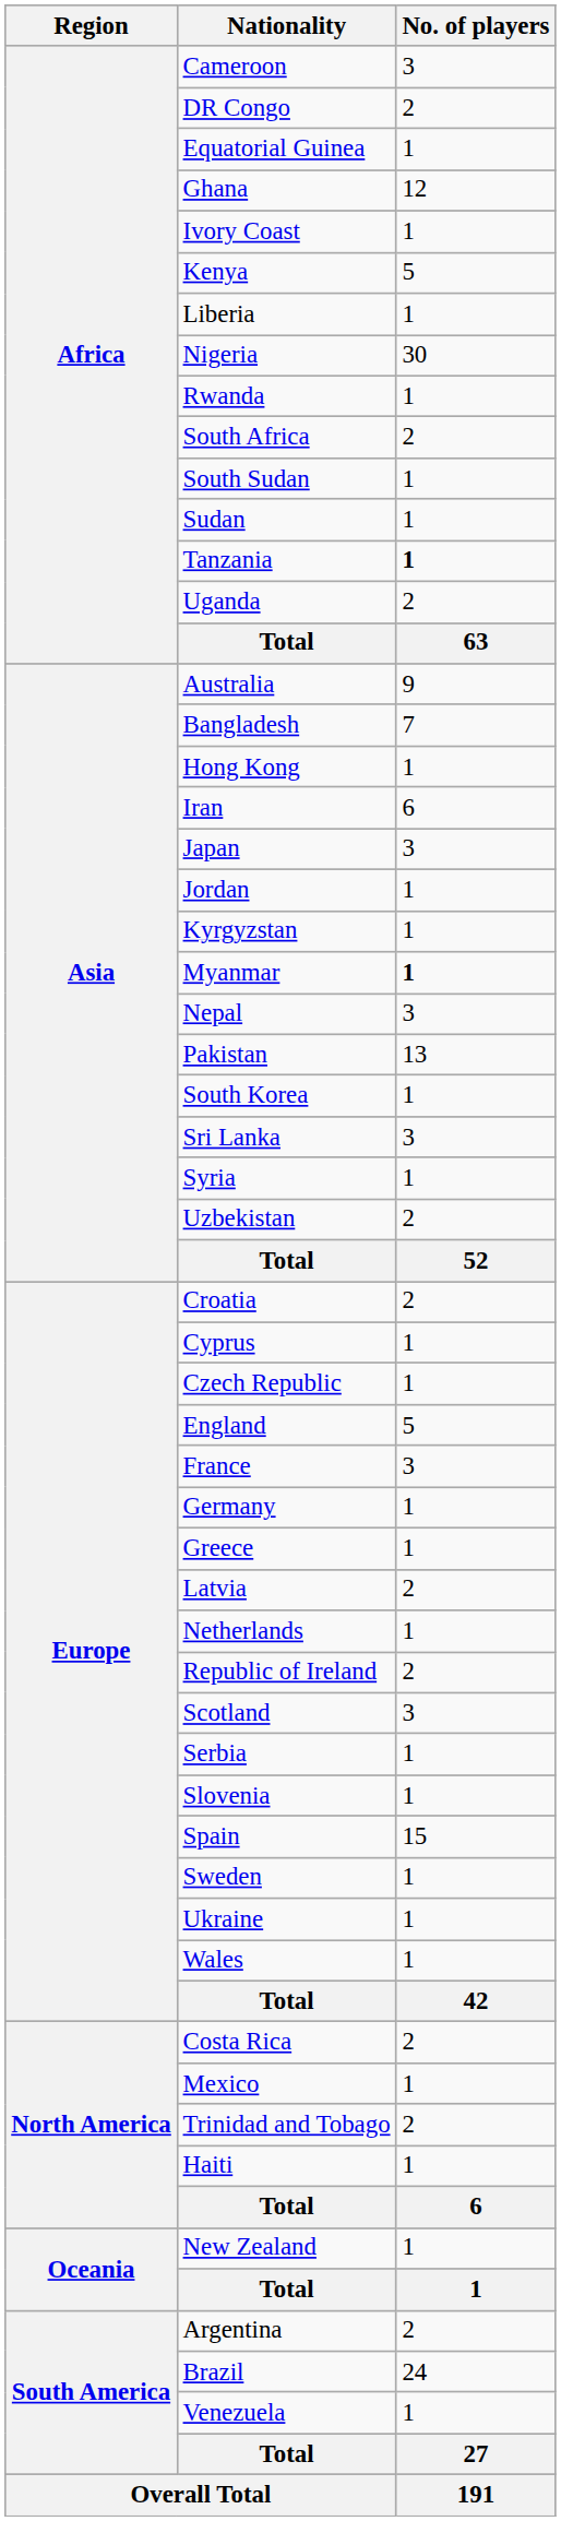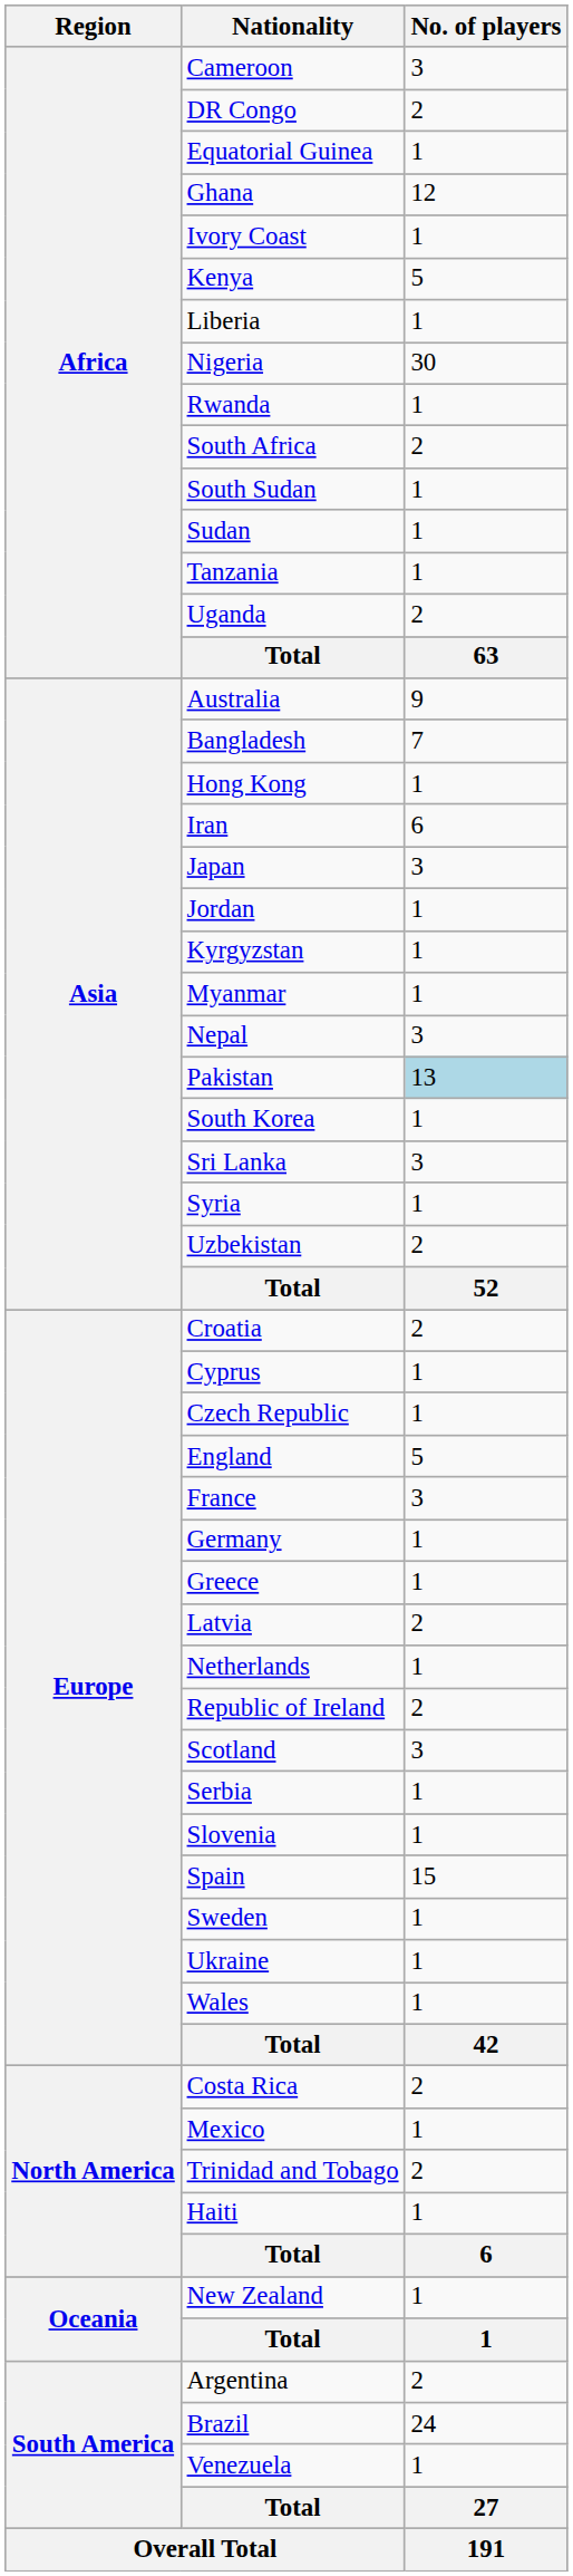 <table class="wikitable" style="font-size:85%">
 <tr>
 <th>Region</th>
 <th>Nationality</th>
 <th>No. of players</th>
 </tr>
 <tr>
 <th rowspan=15><a href='#'>Africa</a></th>
 <td> <a href='#'>Cameroon</a></td>
 <td>3</td>
 </tr>
 <tr>
 <td> <a href='#'>DR Congo</a></td>
 <td>2</td>
 </tr>
 <tr>
 <td> <a href='#'>Equatorial Guinea</a></td>
 <td>1</td>
 </tr>
 <tr>
 <td> <a href='#'>Ghana</a></td>
 <td>12</td>
 </tr>
 <tr>
 <td> <a href='#'>Ivory Coast</a></td>
 <td>1</td>
 </tr>
 <tr>
 <td> <a href='#'>Kenya</a></td>
 <td>5</td>
 </tr>
 <tr>
 <td> Liberia</td>
 <td>1</td>
 </tr>
 <tr>
 <td> <a href='#'>Nigeria</a></td>
 <td>30</td>
 </tr>
 <tr>
 <td> <a href='#'>Rwanda</a></td>
 <td>1</td>
 </tr>
 <tr>
 <td> <a href='#'>South Africa</a></td>
 <td>2</td>
 </tr>
 <tr>
 <td> <a href='#'>South Sudan</a></td>
 <td>1</td>
 </tr>
 <tr>
 <td> <a href='#'>Sudan</a></td>
 <td>1</td>
 </tr>
 <tr>
 <td> <a href='#'>Tanzania</a></td>
-<td><strong>1</strong></td>
+<td>1</td>
 </tr>
 <tr>
 <td> <a href='#'>Uganda</a></td>
 <td>2</td>
 </tr>
 <tr>
 <th>Total</th>
 <th>63</th>
 </tr>
 <tr>
 <th rowspan=15><a href='#'>Asia</a></th>
 <td> <a href='#'>Australia</a></td>
 <td>9</td>
 </tr>
 <tr>
 <td> <a href='#'>Bangladesh</a></td>
 <td>7</td>
 </tr>
 <tr>
 <td> <a href='#'>Hong Kong</a></td>
 <td>1</td>
 </tr>
 <tr>
 <td> <a href='#'>Iran</a></td>
 <td>6</td>
 </tr>
 <tr>
 <td> <a href='#'>Japan</a></td>
 <td>3</td>
 </tr>
 <tr>
 <td> <a href='#'>Jordan</a></td>
 <td>1</td>
 </tr>
 <tr>
 <td> <a href='#'>Kyrgyzstan</a></td>
 <td>1</td>
 </tr>
 <tr>
 <td> <a href='#'>Myanmar</a></td>
-<td><strong>1</strong></td>
+<td>1</td>
 </tr>
 <tr>
 <td> <a href='#'>Nepal</a></td>
 <td>3</td>
 </tr>
 <tr>
 <td> <a href='#'>Pakistan</a></td>
-<td>13</td>
+<td style="background: lightblue;">13</td>
 </tr>
 <tr>
 <td> <a href='#'>South Korea</a></td>
 <td>1</td>
 </tr>
 <tr>
 <td> <a href='#'>Sri Lanka</a></td>
 <td>3</td>
 </tr>
 <tr>
 <td> <a href='#'>Syria</a></td>
 <td>1</td>
 </tr>
 <tr>
 <td> <a href='#'>Uzbekistan</a></td>
 <td>2</td>
 </tr>
 <tr>
 <th>Total</th>
 <th>52</th>
 </tr>
 <tr>
 <th rowspan=18><a href='#'>Europe</a></th>
 <td> <a href='#'>Croatia</a></td>
 <td>2</td>
 </tr>
 <tr>
 <td> <a href='#'>Cyprus</a></td>
 <td>1</td>
 </tr>
 <tr>
 <td> <a href='#'>Czech Republic</a></td>
 <td>1</td>
 </tr>
 <tr>
 <td> <a href='#'>England</a></td>
 <td>5</td>
 </tr>
 <tr>
 <td> <a href='#'>France</a></td>
 <td>3</td>
 </tr>
 <tr>
 <td> <a href='#'>Germany</a></td>
 <td>1</td>
 </tr>
 <tr>
 <td> <a href='#'>Greece</a></td>
 <td>1</td>
 </tr>
 <tr>
 <td> <a href='#'>Latvia</a></td>
 <td>2</td>
 </tr>
 <tr>
 <td> <a href='#'>Netherlands</a></td>
 <td>1</td>
 </tr>
 <tr>
 <td> <a href='#'>Republic of Ireland</a></td>
 <td>2</td>
 </tr>
 <tr>
 <td> <a href='#'>Scotland</a></td>
 <td>3</td>
 </tr>
 <tr>
 <td> <a href='#'>Serbia</a></td>
 <td>1</td>
 </tr>
 <tr>
 <td> <a href='#'>Slovenia</a></td>
 <td>1</td>
 </tr>
 <tr>
 <td> <a href='#'>Spain</a></td>
 <td>15</td>
 </tr>
 <tr>
 <td> <a href='#'>Sweden</a></td>
 <td>1</td>
 </tr>
 <tr>
 <td> <a href='#'>Ukraine</a></td>
 <td>1</td>
 </tr>
 <tr>
 <td> <a href='#'>Wales</a></td>
 <td>1</td>
 </tr>
 <tr>
 <th>Total</th>
 <th>42</th>
 </tr>
 <tr>
 <th rowspan=5><a href='#'>North America</a></th>
 <td> <a href='#'>Costa Rica</a></td>
 <td>2</td>
 </tr>
 <tr>
 <td> <a href='#'>Mexico</a></td>
 <td>1</td>
 </tr>
 <tr>
 <td> <a href='#'>Trinidad and Tobago</a></td>
 <td>2</td>
 </tr>
 <tr>
 <td> <a href='#'>Haiti</a></td>
 <td>1</td>
 </tr>
 <tr>
 <th>Total</th>
 <th>6</th>
 </tr>
 <tr>
 <th rowspan=2><a href='#'>Oceania</a></th>
 <td> <a href='#'>New Zealand</a></td>
 <td>1</td>
 </tr>
 <tr>
 <th>Total</th>
 <th>1</th>
 </tr>
 <tr>
 <th rowspan="4"><a href='#'>South America</a></th>
 <td> Argentina</td>
 <td>2</td>
 </tr>
 <tr>
 <td> <a href='#'>Brazil</a></td>
 <td>24</td>
 </tr>
 <tr>
 <td> <a href='#'>Venezuela</a></td>
 <td>1</td>
 </tr>
 <tr>
 <th>Total</th>
 <th>27</th>
 </tr>
 <tr>
 <th colspan=2>Overall Total</th>
 <th>191</th>
 </tr>
 </table>
